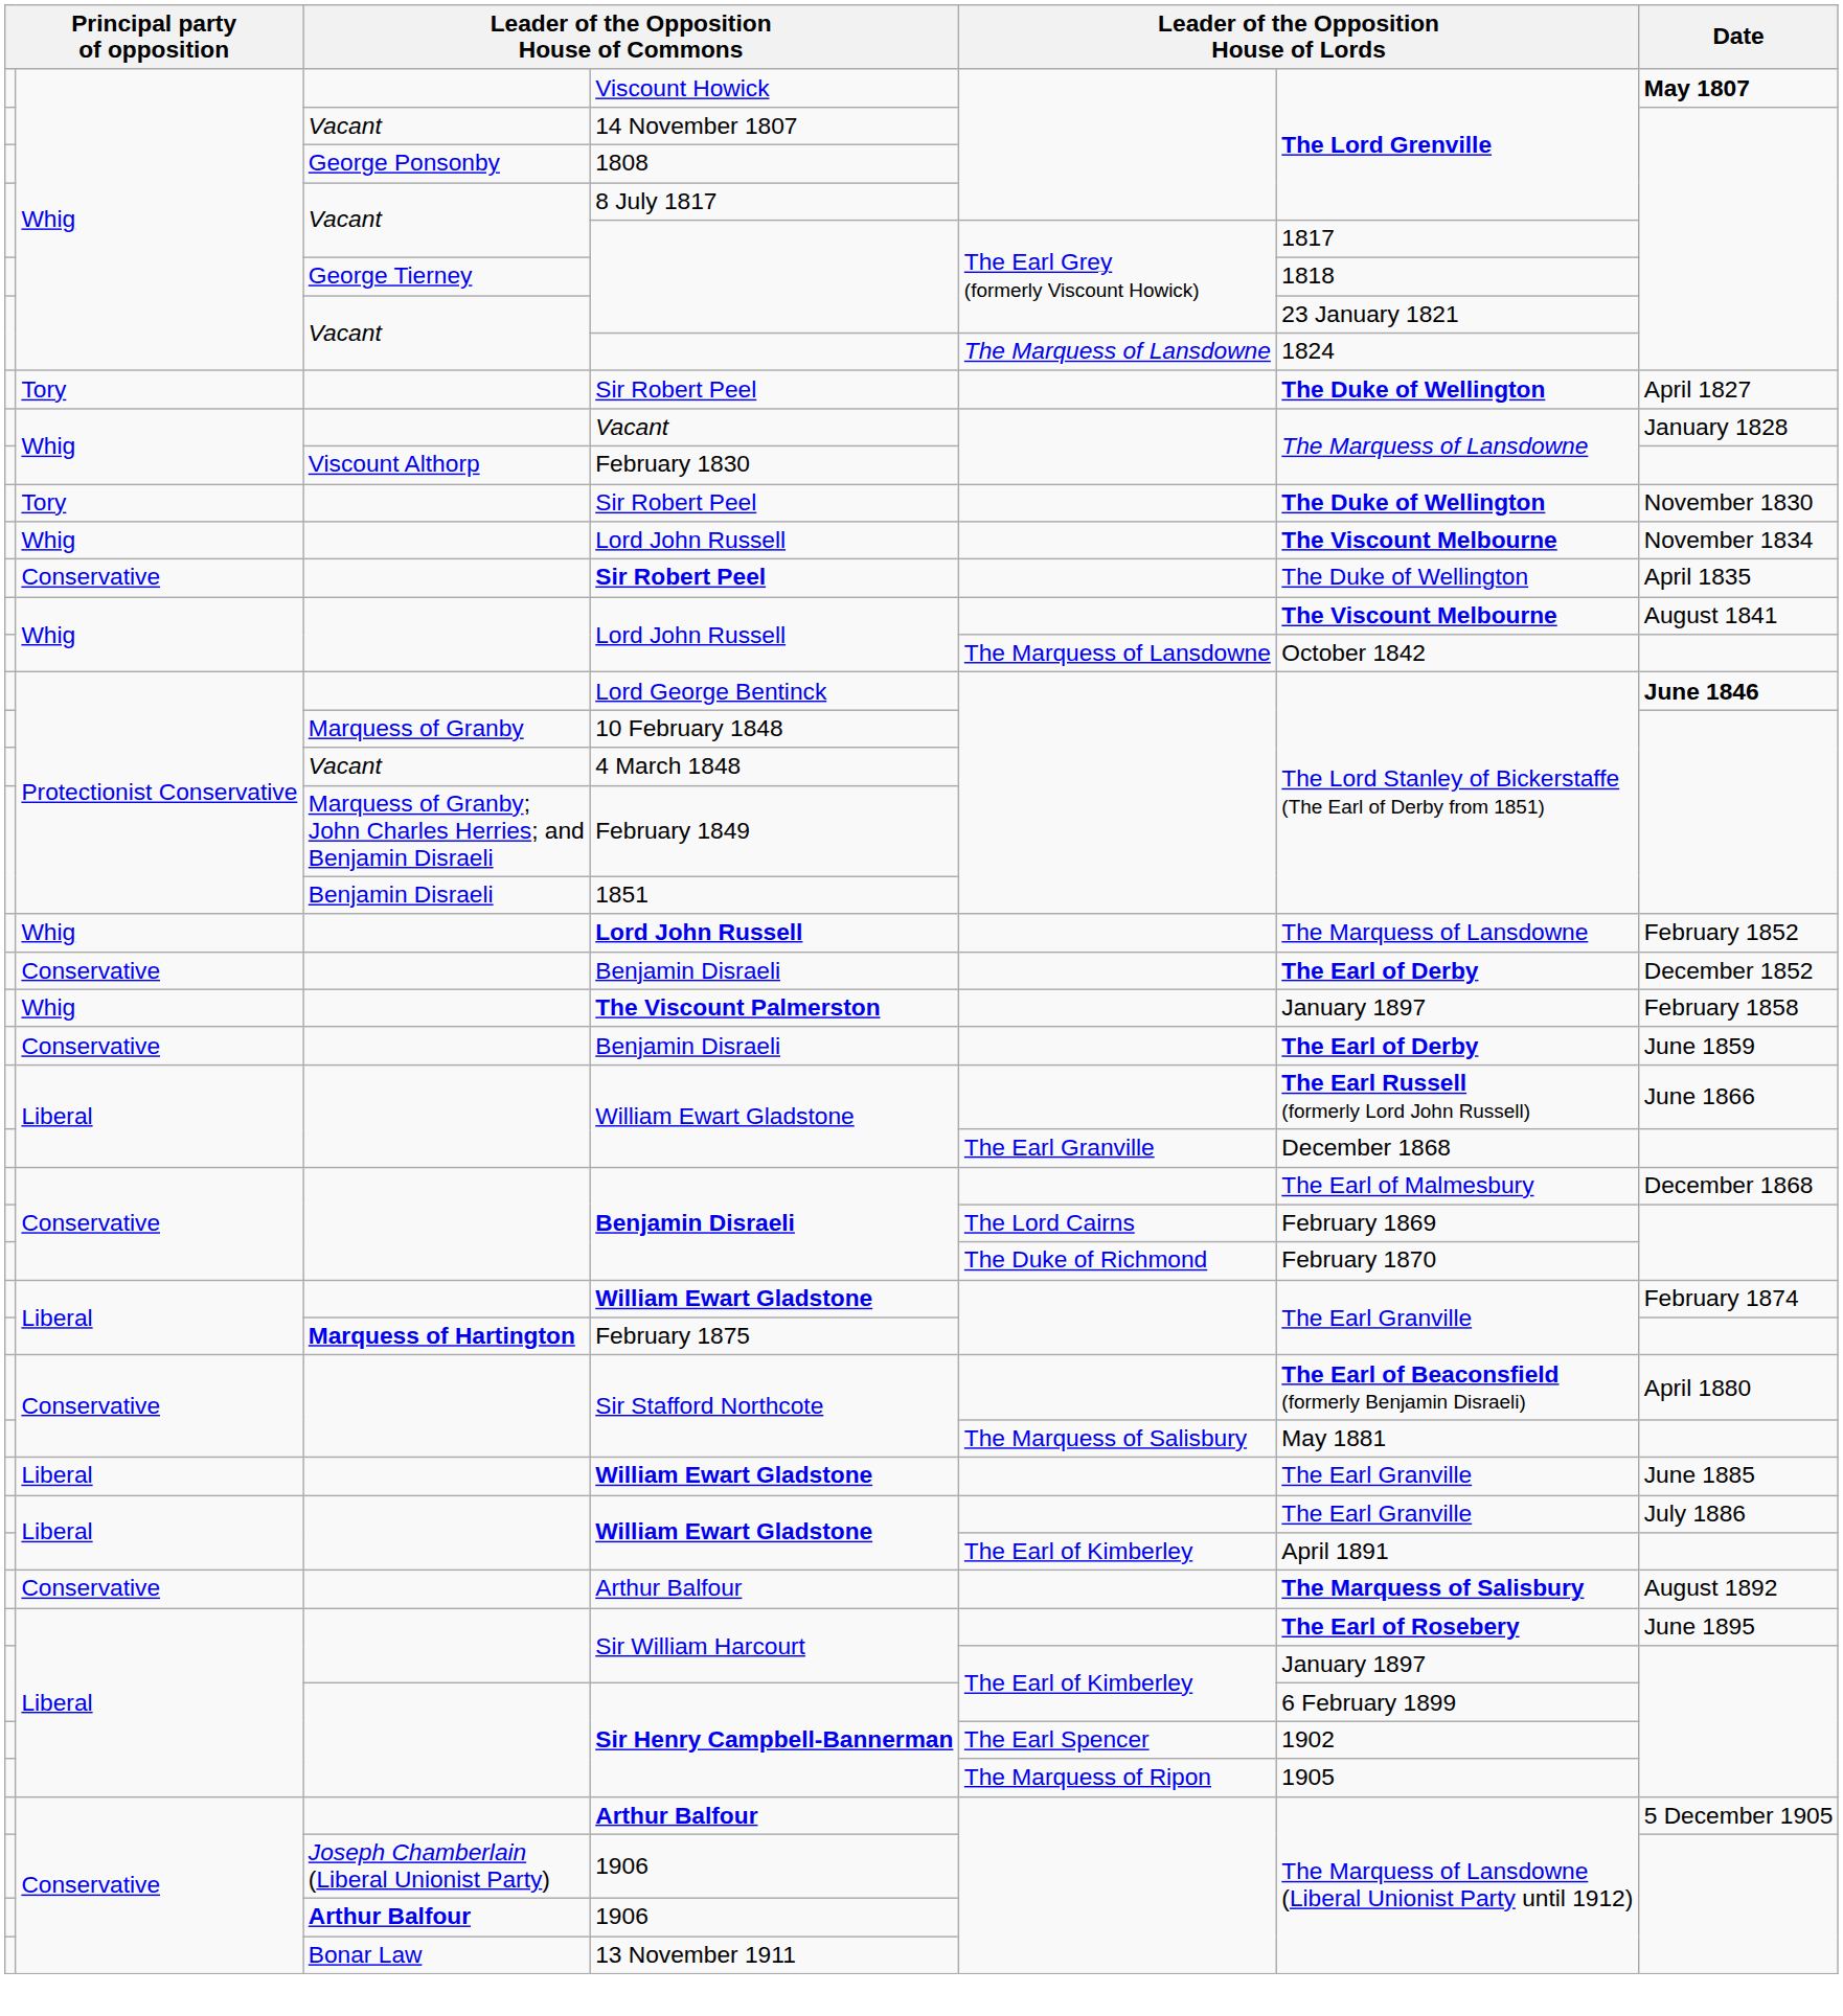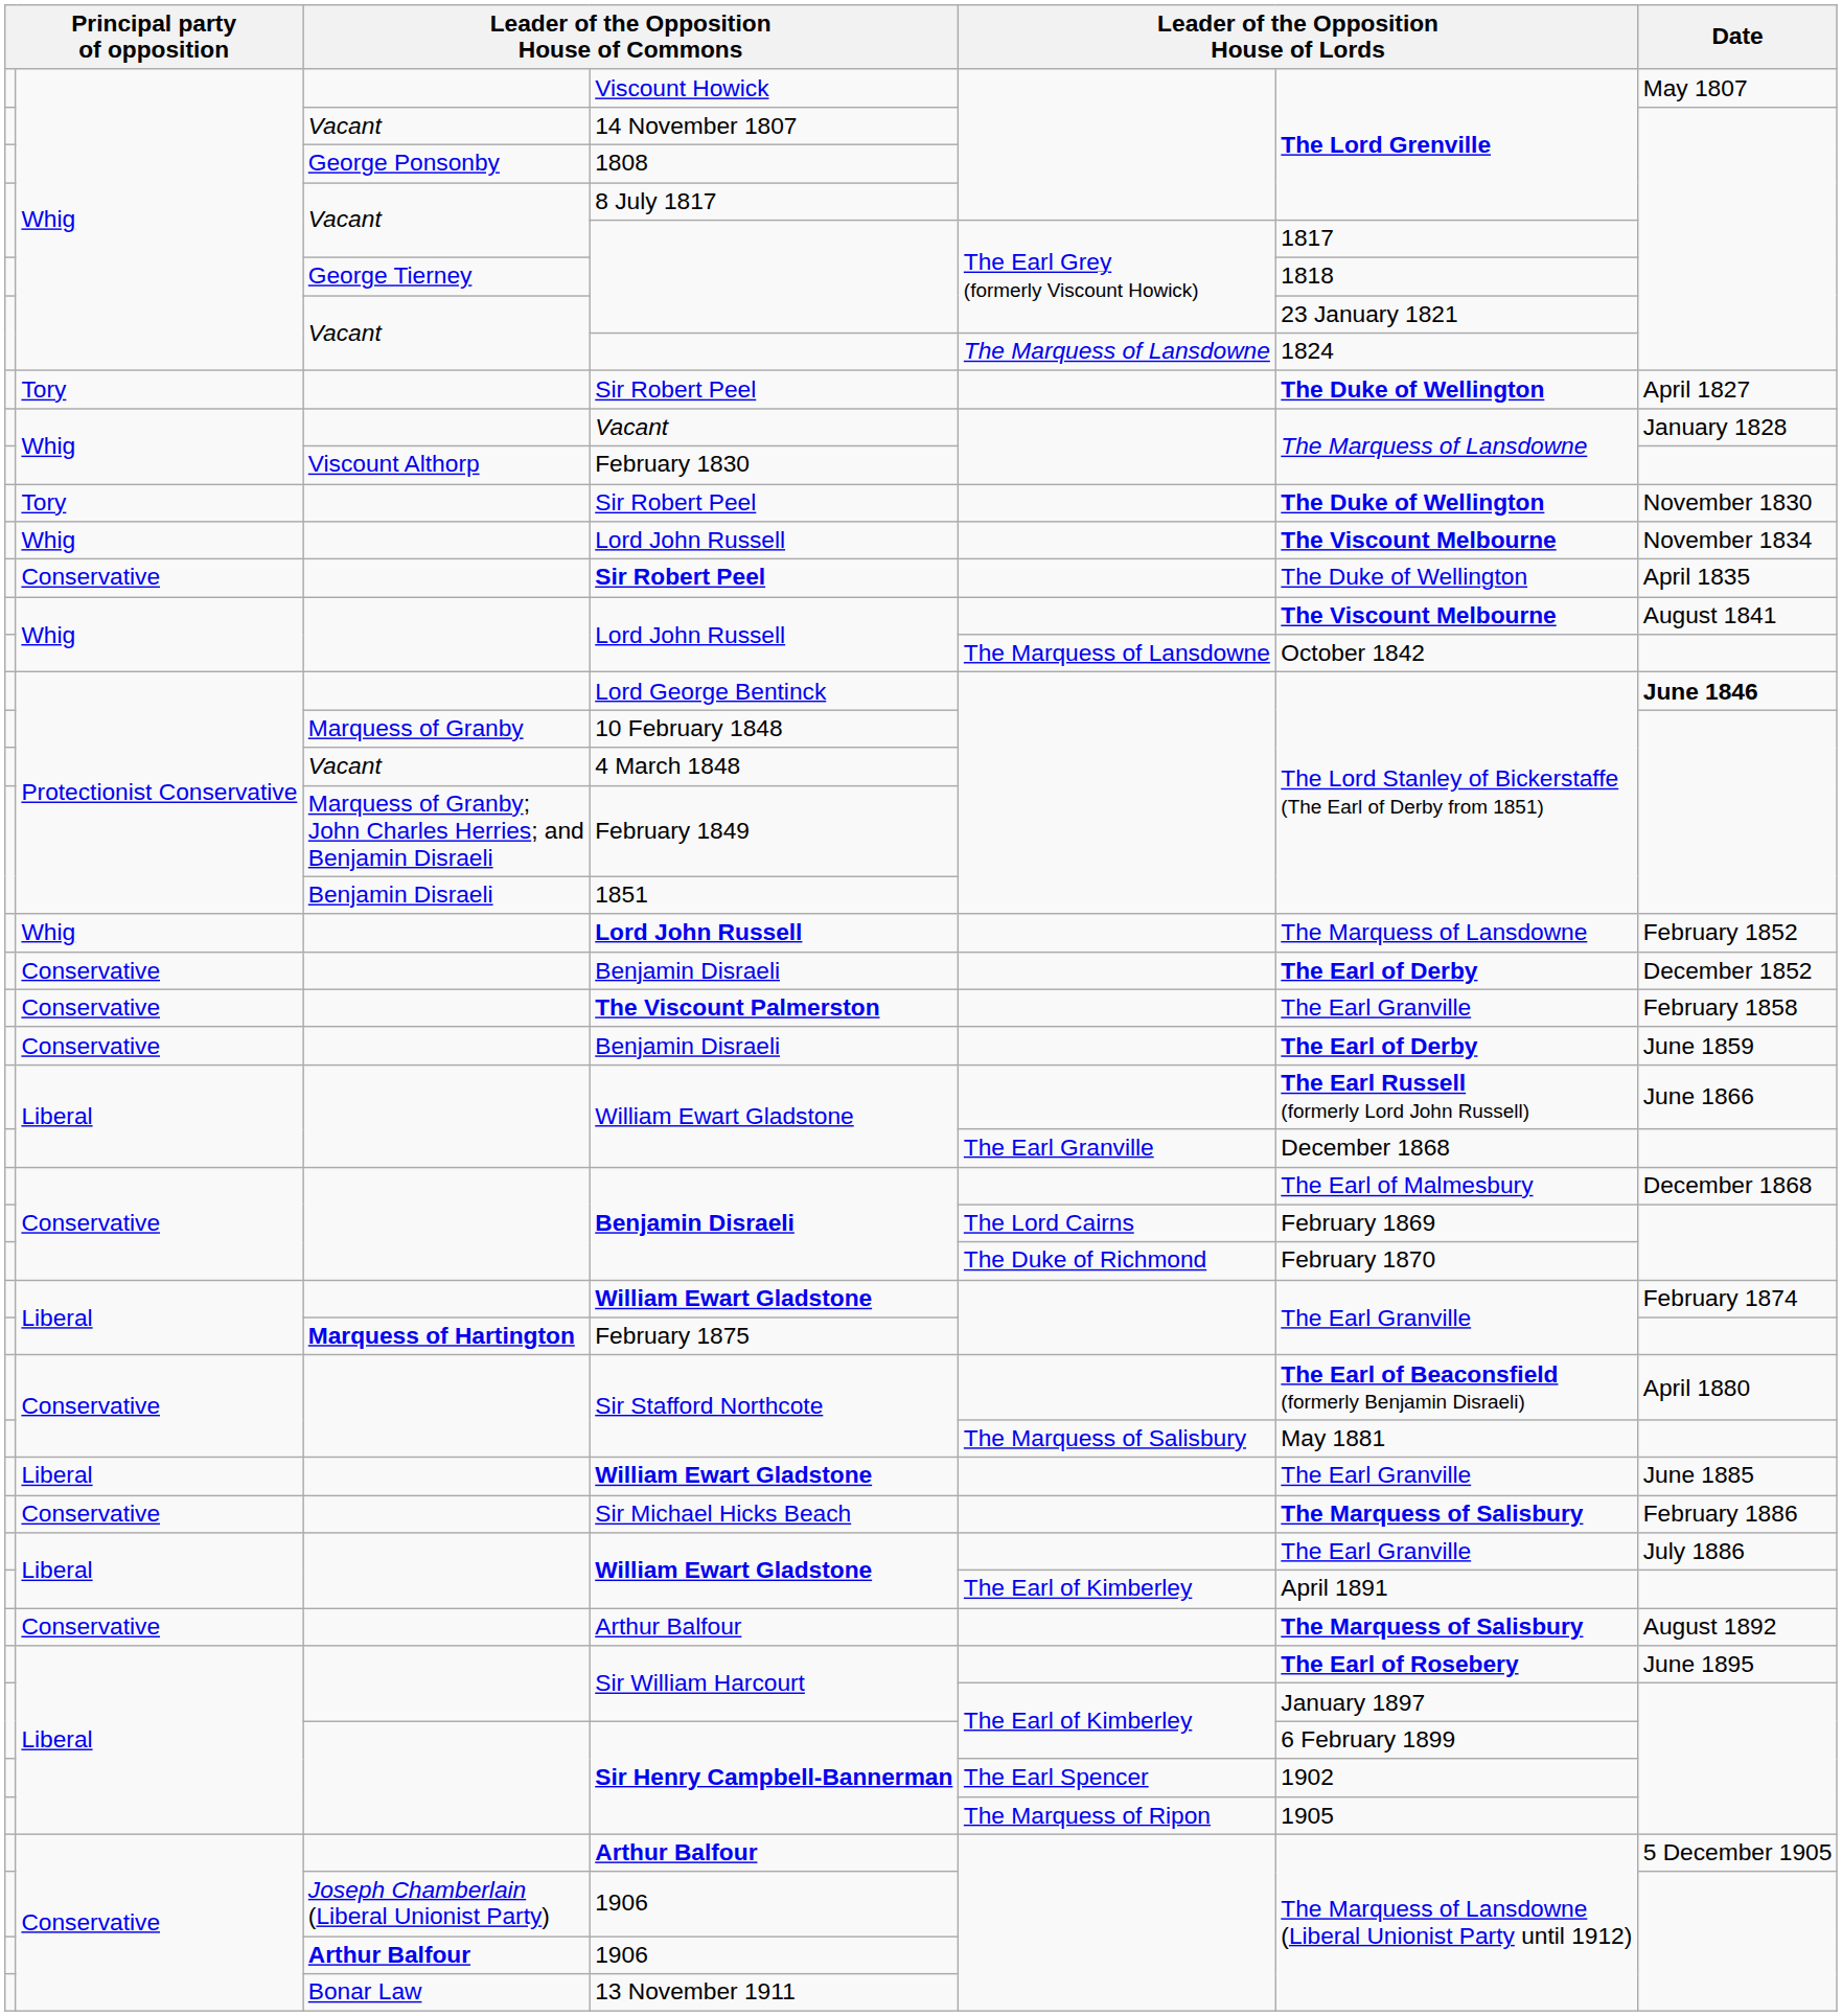 <table class="wikitable">
 <tr>
 <th colspan="2">Principal party<br>of opposition</th>
 <th colspan="2">Leader of the Opposition<br>House of Commons</th>
 <th colspan="2">Leader of the Opposition<br>House of Lords</th>
 <th>Date</th>
 </tr>
 <tr>
 <td style="background-color: "></td>
 <td rowspan="8"><a href='#'>Whig</a></td>
 <td></td>
 <td><a href='#'>Viscount Howick</a></td>
 <td rowspan="4"></td>
 <td rowspan="4"><strong><a href='#'>The Lord Grenville</a></strong></td>
-<td><strong>May 1807</strong></td>
+<td>May 1807</td>
 </tr>
 <tr>
 <td></td>
 <td><em>Vacant</em></td>
 <td>14 November 1807</td>
 </tr>
 <tr>
 <td></td>
 <td><a href='#'>George Ponsonby</a></td>
 <td>1808</td>
 </tr>
 <tr>
 <td rowspan="2"></td>
 <td rowspan="2"><em>Vacant</em></td>
 <td>8 July 1817</td>
 </tr>
 <tr>
 <td rowspan="3"></td>
 <td rowspan="3"><a href='#'>The Earl Grey</a><br><small>(formerly Viscount Howick)</small></td>
 <td>1817</td>
 </tr>
 <tr>
 <td></td>
 <td><a href='#'>George Tierney</a></td>
 <td>1818</td>
 </tr>
 <tr>
 <td rowspan="2"></td>
 <td rowspan="2"><em>Vacant</em></td>
 <td>23 January 1821</td>
 </tr>
 <tr>
 <td></td>
 <td><em><a href='#'>The Marquess of Lansdowne</a></em></td>
 <td>1824</td>
 </tr>
 <tr>
 <td style="background-color: "></td>
 <td><a href='#'>Tory</a></td>
 <td></td>
 <td><a href='#'>Sir Robert Peel</a></td>
 <td></td>
 <td><strong><a href='#'>The Duke of Wellington</a></strong></td>
 <td>April 1827</td>
 </tr>
 <tr>
 <td style="background-color: "></td>
 <td rowspan="2"><a href='#'>Whig</a></td>
 <td></td>
 <td><em>Vacant</em></td>
 <td rowspan="2"></td>
 <td rowspan="2"><em><a href='#'>The Marquess of Lansdowne</a></em></td>
 <td>January 1828</td>
 </tr>
 <tr>
 <td></td>
 <td><a href='#'>Viscount Althorp</a></td>
 <td>February 1830</td>
 </tr>
 <tr>
 <td style="background-color: "></td>
 <td><a href='#'>Tory</a></td>
 <td></td>
 <td><a href='#'>Sir Robert Peel</a></td>
 <td></td>
 <td><strong><a href='#'>The Duke of Wellington</a></strong></td>
 <td>November 1830</td>
 </tr>
 <tr>
 <td style="background-color: "></td>
 <td><a href='#'>Whig</a></td>
 <td></td>
 <td><a href='#'>Lord John Russell</a></td>
 <td></td>
 <td><strong><a href='#'>The Viscount Melbourne</a></strong></td>
 <td>November 1834</td>
 </tr>
 <tr>
 <td style="background-color: "></td>
 <td><a href='#'>Conservative</a></td>
 <td></td>
 <td><strong><a href='#'>Sir Robert Peel</a></strong></td>
 <td></td>
 <td><a href='#'>The Duke of Wellington</a></td>
 <td>April 1835</td>
 </tr>
 <tr>
 <td style="background-color: "></td>
 <td rowspan="2"><a href='#'>Whig</a></td>
 <td rowspan="2"></td>
 <td rowspan="2"><a href='#'>Lord John Russell</a></td>
 <td></td>
 <td><strong><a href='#'>The Viscount Melbourne</a></strong></td>
 <td>August 1841</td>
 </tr>
 <tr>
 <td></td>
 <td><a href='#'>The Marquess of Lansdowne</a></td>
 <td>October 1842</td>
 </tr>
 <tr>
 <td style="background-color: "></td>
 <td rowspan="5"><a href='#'>Protectionist Conservative</a></td>
 <td></td>
 <td><a href='#'>Lord George Bentinck</a></td>
 <td rowspan="5"></td>
 <td rowspan="5"><a href='#'>The Lord Stanley of Bickerstaffe</a><br><small>(The Earl of Derby from 1851)</small></td>
 <td><strong>June 1846</strong></td>
 </tr>
 <tr>
 <td></td>
 <td><a href='#'>Marquess of Granby</a></td>
 <td>10 February 1848</td>
 </tr>
 <tr>
 <td></td>
 <td><em>Vacant</em></td>
 <td>4 March 1848</td>
 </tr>
 <tr>
 <td rowspan="2"></td>
 <td><a href='#'>Marquess of Granby</a>;<br><a href='#'>John Charles Herries</a>; and<br><a href='#'>Benjamin Disraeli</a></td>
 <td>February 1849</td>
 </tr>
 <tr>
 <td><a href='#'>Benjamin Disraeli</a></td>
 <td>1851</td>
 </tr>
 <tr>
 <td style="background-color: "></td>
 <td><a href='#'>Whig</a></td>
 <td></td>
 <td><strong><a href='#'>Lord John Russell</a></strong></td>
 <td></td>
 <td><a href='#'>The Marquess of Lansdowne</a></td>
 <td>February 1852</td>
 </tr>
 <tr>
 <td style="background-color: "></td>
 <td><a href='#'>Conservative</a></td>
 <td></td>
 <td><a href='#'>Benjamin Disraeli</a></td>
 <td></td>
 <td><strong><a href='#'>The Earl of Derby</a></strong></td>
 <td>December 1852</td>
 </tr>
 <tr>
 <td style="background-color: "></td>
-<td><a href='#'>Whig</a></td>
+<td><a href='#'>Conservative</a></td>
 <td></td>
 <td><strong><a href='#'>The Viscount Palmerston</a></strong></td>
 <td></td>
-<td>January 1897</td>
+<td><a href='#'>The Earl Granville</a></td>
 <td>February 1858</td>
 </tr>
 <tr>
 <td style="background-color: "></td>
 <td><a href='#'>Conservative</a></td>
 <td></td>
 <td><a href='#'>Benjamin Disraeli</a></td>
 <td></td>
 <td><strong><a href='#'>The Earl of Derby</a></strong></td>
 <td>June 1859</td>
 </tr>
 <tr>
 <td style="background-color: "></td>
 <td rowspan="2"><a href='#'>Liberal</a></td>
 <td rowspan="2"></td>
 <td rowspan="2"><a href='#'>William Ewart Gladstone</a></td>
 <td></td>
 <td><strong><a href='#'>The Earl Russell</a></strong><br><small>(formerly Lord John Russell)</small></td>
 <td>June 1866</td>
 </tr>
 <tr>
 <td></td>
 <td><a href='#'>The Earl Granville</a></td>
 <td>December 1868</td>
 </tr>
 <tr>
 <td style="background-color: "></td>
 <td rowspan="3"><a href='#'>Conservative</a></td>
 <td rowspan="3"></td>
 <td rowspan="3"><strong><a href='#'>Benjamin Disraeli</a></strong></td>
 <td></td>
 <td><a href='#'>The Earl of Malmesbury</a></td>
 <td>December 1868</td>
 </tr>
 <tr>
 <td></td>
 <td><a href='#'>The Lord Cairns</a></td>
 <td>February 1869</td>
 </tr>
 <tr>
 <td></td>
 <td><a href='#'>The Duke of Richmond</a></td>
 <td>February 1870</td>
 </tr>
 <tr>
 <td style="background-color: "></td>
 <td rowspan="2"><a href='#'>Liberal</a></td>
 <td></td>
 <td><strong><a href='#'>William Ewart Gladstone</a></strong></td>
 <td rowspan="2"></td>
 <td rowspan="2"><a href='#'>The Earl Granville</a></td>
 <td>February 1874</td>
 </tr>
 <tr>
 <td></td>
 <td><strong><a href='#'>Marquess of Hartington</a></strong></td>
 <td>February 1875</td>
 </tr>
 <tr>
 <td style="background-color: "></td>
 <td rowspan="2"><a href='#'>Conservative</a></td>
 <td rowspan="2"></td>
 <td rowspan="2"><a href='#'>Sir Stafford Northcote</a></td>
 <td></td>
 <td><strong><a href='#'>The Earl of Beaconsfield</a></strong><br><small>(formerly Benjamin Disraeli)</small></td>
 <td>April 1880</td>
 </tr>
 <tr>
 <td></td>
 <td><a href='#'>The Marquess of Salisbury</a></td>
 <td>May 1881</td>
 </tr>
 <tr>
 <td style="background-color: "></td>
 <td><a href='#'>Liberal</a></td>
 <td></td>
 <td><strong><a href='#'>William Ewart Gladstone</a></strong></td>
 <td></td>
 <td><a href='#'>The Earl Granville</a></td>
 <td>June 1885</td>
 </tr>
 <tr>
 <td style="background-color: "></td>
+<td><a href='#'>Conservative</a></td>
+<td></td>
+<td><a href='#'>Sir Michael Hicks Beach</a></td>
+<td></td>
+<td><strong><a href='#'>The Marquess of Salisbury</a></strong></td>
+<td>February 1886</td>
+</tr>
+<tr>
+<td style="background-color: "></td>
 <td rowspan="2"><a href='#'>Liberal</a></td>
 <td rowspan="2"></td>
 <td rowspan="2"><strong><a href='#'>William Ewart Gladstone</a></strong></td>
 <td></td>
 <td><a href='#'>The Earl Granville</a></td>
 <td>July 1886</td>
 </tr>
 <tr>
 <td></td>
 <td><a href='#'>The Earl of Kimberley</a></td>
 <td>April 1891</td>
 </tr>
 <tr>
 <td style="background-color: "></td>
 <td><a href='#'>Conservative</a></td>
 <td></td>
 <td><a href='#'>Arthur Balfour</a></td>
 <td></td>
 <td><strong><a href='#'>The Marquess of Salisbury</a></strong></td>
 <td>August 1892</td>
 </tr>
 <tr>
 <td style="background-color: "></td>
 <td rowspan="5"><a href='#'>Liberal</a></td>
 <td rowspan="2"></td>
 <td rowspan="2"><a href='#'>Sir William Harcourt</a></td>
 <td></td>
 <td><strong><a href='#'>The Earl of Rosebery</a></strong></td>
 <td>June 1895</td>
 </tr>
 <tr>
 <td rowspan="2"></td>
 <td rowspan="2"><a href='#'>The Earl of Kimberley</a></td>
 <td>January 1897</td>
 </tr>
 <tr>
 <td rowspan="3"></td>
 <td rowspan="3"><strong><a href='#'>Sir Henry Campbell-Bannerman</a></strong></td>
 <td>6 February 1899</td>
 </tr>
 <tr>
 <td></td>
 <td><a href='#'>The Earl Spencer</a></td>
 <td>1902</td>
 </tr>
 <tr>
 <td></td>
 <td><a href='#'>The Marquess of Ripon</a></td>
 <td>1905</td>
 </tr>
 <tr>
 <td style="background-color: "></td>
 <td rowspan="4"><a href='#'>Conservative</a></td>
 <td></td>
 <td><strong><a href='#'>Arthur Balfour</a></strong></td>
 <td rowspan="4"></td>
 <td rowspan="4"><a href='#'>The Marquess of Lansdowne</a><br>(<a href='#'>Liberal Unionist Party</a> until 1912)</td>
 <td>5 December 1905</td>
 </tr>
 <tr>
 <td></td>
 <td><em><a href='#'>Joseph Chamberlain</a></em><br>(<a href='#'>Liberal Unionist Party</a>)</td>
 <td>1906</td>
 </tr>
 <tr>
 <td></td>
 <td><strong><a href='#'>Arthur Balfour</a></strong></td>
 <td>1906</td>
 </tr>
 <tr>
 <td></td>
 <td><a href='#'>Bonar Law</a></td>
 <td>13 November 1911</td>
 </tr>
 </table>
